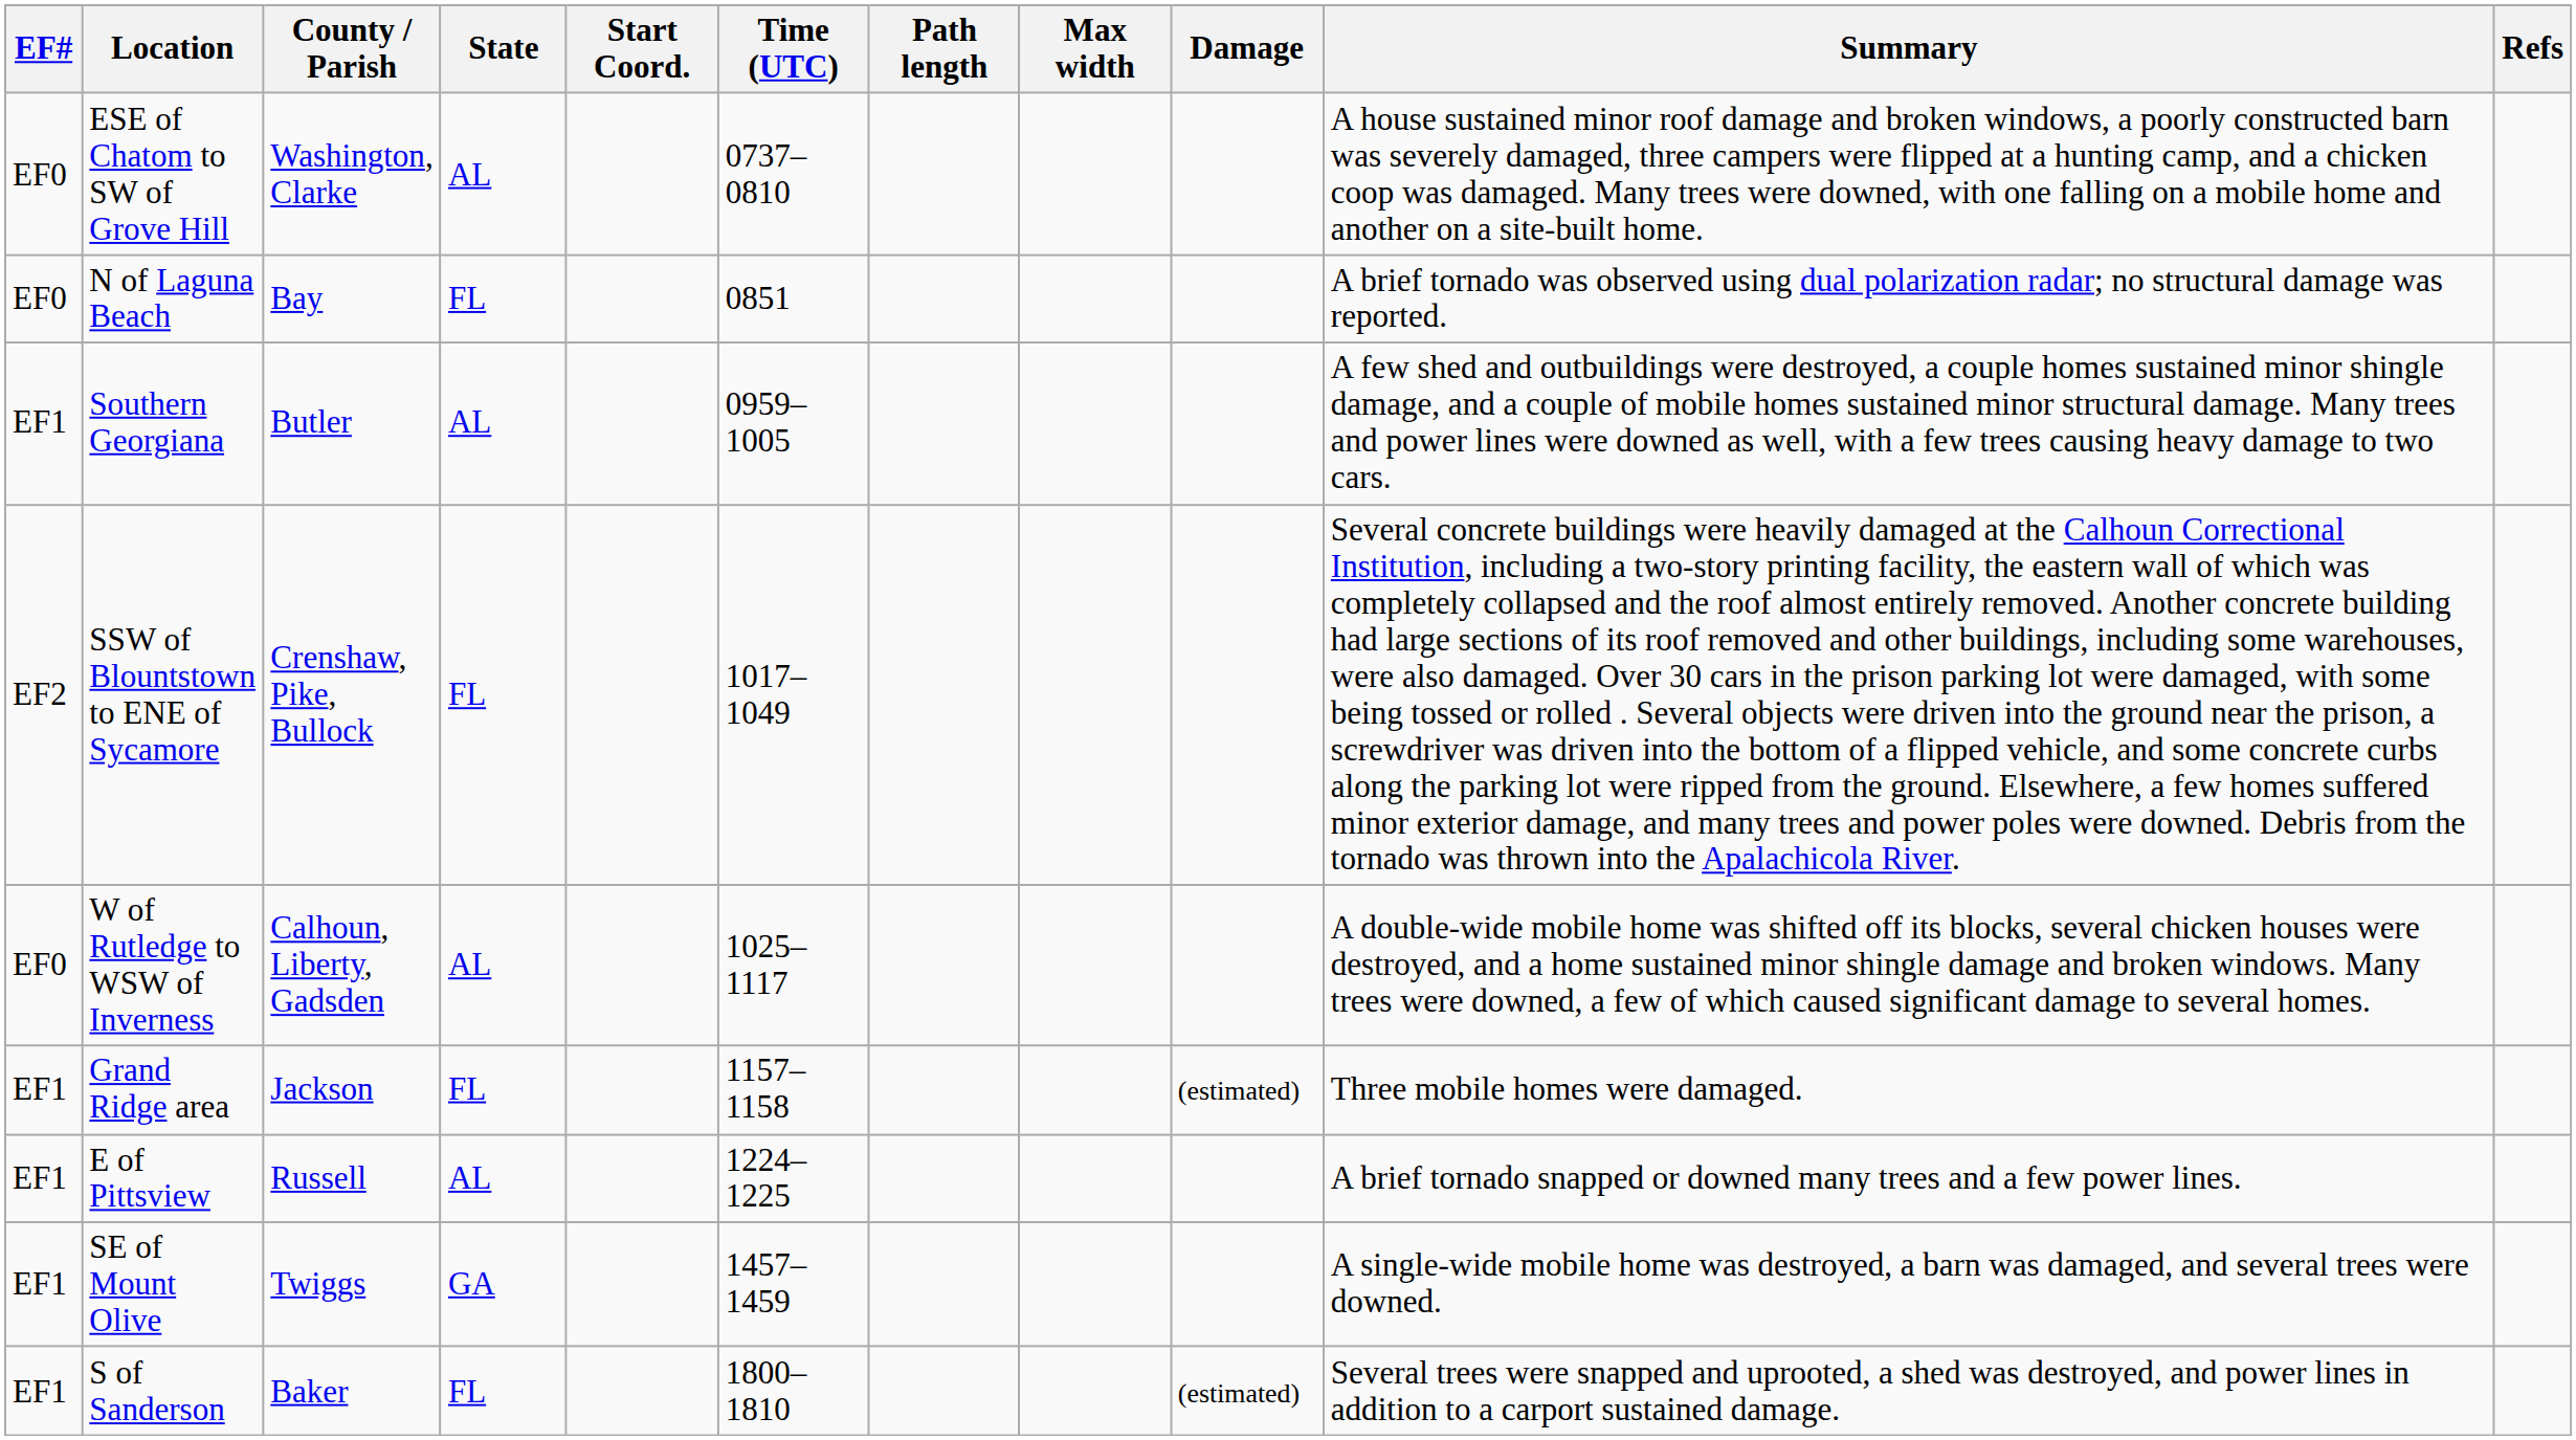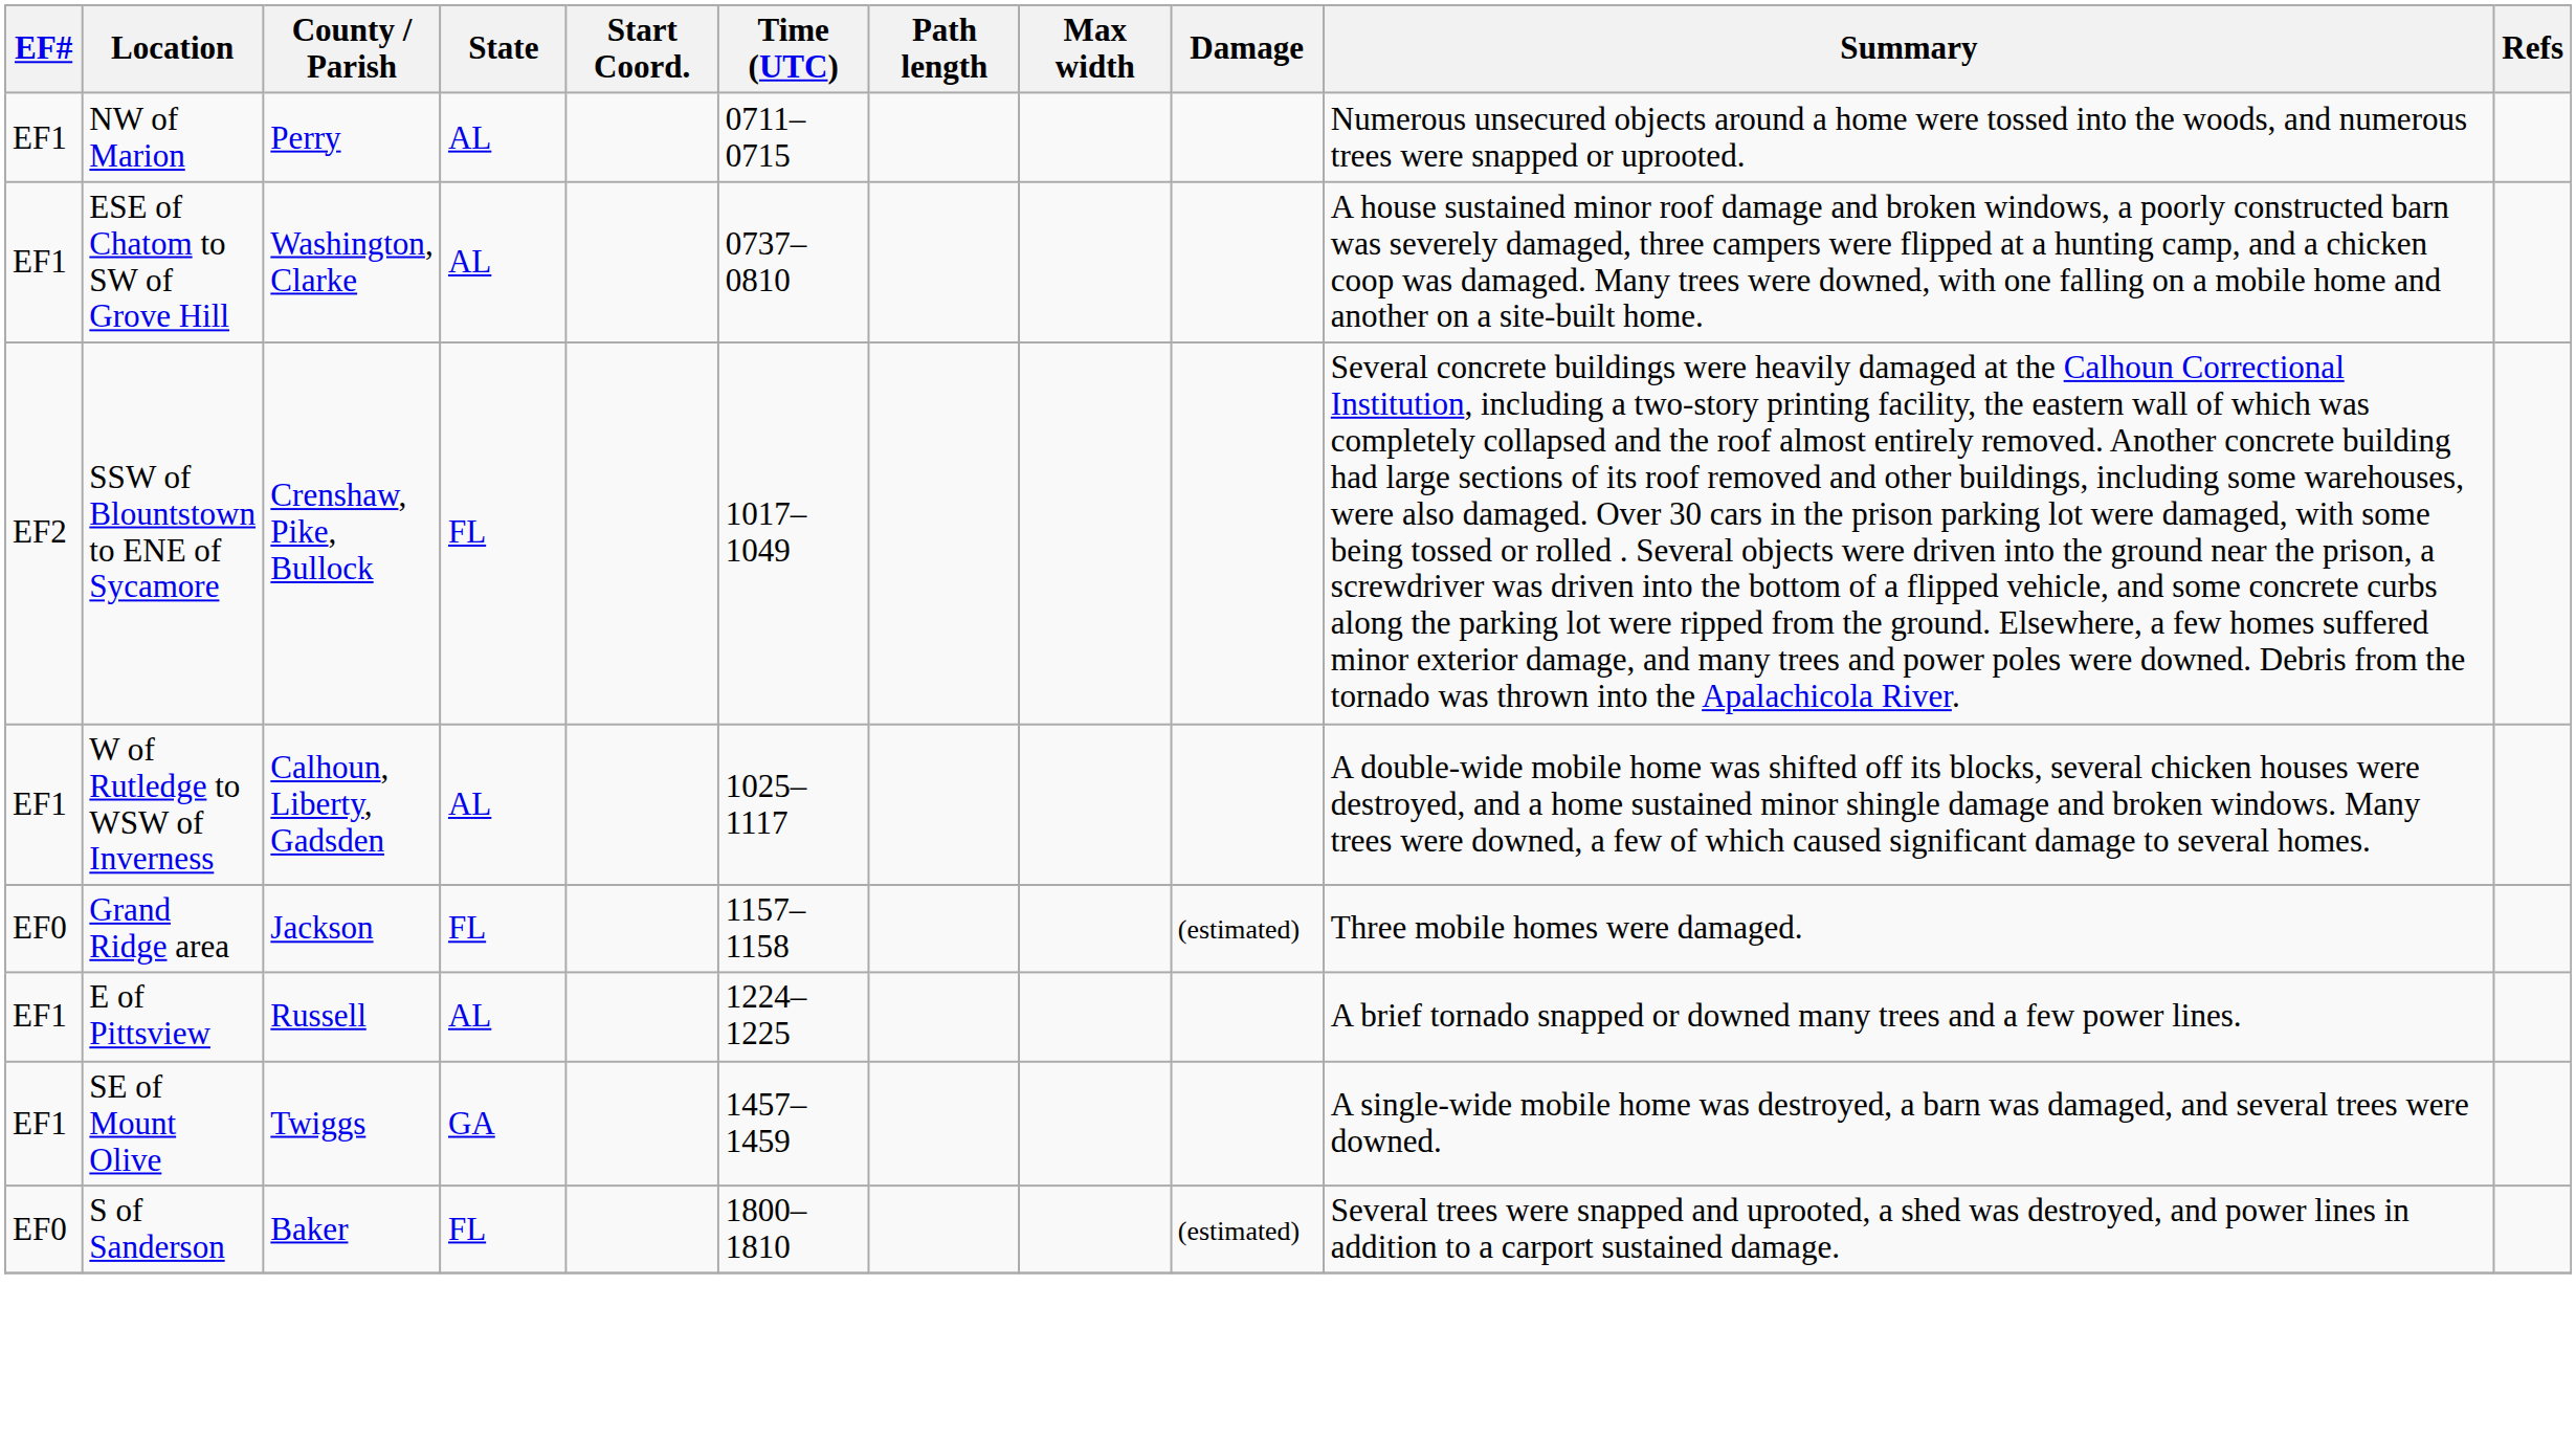 <table class="wikitable sortable" style="width:100%;">
 <tr>
 <th scope="col" width="3%" align="center"><a href='#'>EF#</a></th>
 <th scope="col" width="7%" align="center" class="unsortable">Location</th>
 <th scope="col" width="6%" align="center" class="unsortable">County / Parish</th>
 <th scope="col" width="5%" align="center">State</th>
 <th scope="col" width="6%" align="center">Start Coord.</th>
 <th scope="col" width="6%" align="center">Time (<a href='#'>UTC</a>)</th>
 <th scope="col" width="6%" align="center">Path length</th>
 <th scope="col" width="6%" align="center">Max width</th>
 <th scope="col" width="6%" align="center">Damage</th>
 <th scope="col" width="48%" class="unsortable" align="center">Summary</th>
 <th scope="col" width="48%" class="unsortable" align="center">Refs</th>
 </tr>
 <tr>
-<td>EF0</td>
+<td>EF1</td>
+<td>NW of <a href='#'>Marion</a></td>
+<td><a href='#'>Perry</a></td>
+<td><a href='#'>AL</a></td>
+<td></td>
+<td>0711–0715</td>
+<td></td>
+<td></td>
+<td></td>
+<td>Numerous unsecured objects around a home were tossed into the woods, and numerous trees were snapped or uprooted.</td>
+<td></td>
+</tr>
+<tr>
+<td>EF1</td>
 <td>ESE of <a href='#'>Chatom</a> to SW of <a href='#'>Grove Hill</a></td>
 <td><a href='#'>Washington</a>, <a href='#'>Clarke</a></td>
 <td><a href='#'>AL</a></td>
 <td></td>
 <td>0737–0810</td>
 <td></td>
 <td></td>
 <td></td>
 <td>A house sustained minor roof damage and broken windows, a poorly constructed barn was severely damaged, three campers were flipped at a hunting camp, and a chicken coop was damaged. Many trees were downed, with one falling on a mobile home and another on a site-built home.</td>
-<td></td>
-</tr>
-<tr>
-<td>EF0</td>
-<td>N of <a href='#'>Laguna Beach</a></td>
-<td><a href='#'>Bay</a></td>
-<td><a href='#'>FL</a></td>
-<td></td>
-<td>0851</td>
-<td></td>
-<td></td>
-<td></td>
-<td>A brief tornado was observed using <a href='#'>dual polarization radar</a>; no structural damage was reported.</td>
-<td></td>
-</tr>
-<tr>
-<td>EF1</td>
-<td><a href='#'>Southern Georgiana</a></td>
-<td><a href='#'>Butler</a></td>
-<td><a href='#'>AL</a></td>
-<td></td>
-<td>0959–1005</td>
-<td></td>
-<td></td>
-<td></td>
-<td>A few shed and outbuildings were destroyed, a couple homes sustained minor shingle damage, and a couple of mobile homes sustained minor structural damage. Many trees and power lines were downed as well, with a few trees causing heavy damage to two cars.</td>
 <td></td>
 </tr>
 <tr>
 <td>EF2</td>
 <td>SSW of <a href='#'>Blountstown</a> to ENE of <a href='#'>Sycamore</a></td>
 <td><a href='#'>Crenshaw</a>, <a href='#'>Pike</a>, <a href='#'>Bullock</a></td>
 <td><a href='#'>FL</a></td>
 <td></td>
 <td>1017–1049</td>
 <td></td>
 <td></td>
 <td></td>
 <td>Several concrete buildings were heavily damaged at the <a href='#'>Calhoun Correctional Institution</a>, including a two-story printing facility, the eastern wall of which was completely collapsed and the roof almost entirely removed. Another concrete building had large sections of its roof removed and other buildings, including some warehouses, were also damaged. Over 30 cars in the prison parking lot were damaged, with some being tossed or rolled . Several objects were driven into the ground near the prison, a screwdriver was driven into the bottom of a flipped vehicle, and some concrete curbs along the parking lot were ripped from the ground. Elsewhere, a few homes suffered minor exterior damage, and many trees and power poles were downed. Debris from the tornado was thrown into the <a href='#'>Apalachicola River</a>.</td>
 <td><br></td>
 </tr>
 <tr>
-<td>EF0</td>
+<td>EF1</td>
 <td>W of <a href='#'>Rutledge</a> to WSW of <a href='#'>Inverness</a></td>
 <td><a href='#'>Calhoun</a>, <a href='#'>Liberty</a>, <a href='#'>Gadsden</a></td>
 <td><a href='#'>AL</a></td>
 <td></td>
 <td>1025–1117</td>
 <td></td>
 <td></td>
 <td></td>
 <td>A double-wide mobile home was shifted off its blocks, several chicken houses were destroyed, and a home sustained minor shingle damage and broken windows. Many trees were downed, a few of which caused significant damage to several homes.</td>
 <td><br></td>
 </tr>
 <tr>
-<td>EF1</td>
+<td>EF0</td>
 <td><a href='#'>Grand Ridge</a> area</td>
 <td><a href='#'>Jackson</a></td>
 <td><a href='#'>FL</a></td>
 <td></td>
 <td>1157–1158</td>
 <td></td>
 <td></td>
 <td> <small>(estimated)</small></td>
 <td>Three mobile homes were damaged.</td>
 <td></td>
 </tr>
 <tr>
 <td>EF1</td>
 <td>E of <a href='#'>Pittsview</a></td>
 <td><a href='#'>Russell</a></td>
 <td><a href='#'>AL</a></td>
 <td></td>
 <td>1224–1225</td>
 <td></td>
 <td></td>
 <td></td>
 <td>A brief tornado snapped or downed many trees and a few power lines.</td>
 <td></td>
 </tr>
 <tr>
 <td>EF1</td>
 <td>SE of <a href='#'>Mount Olive</a></td>
 <td><a href='#'>Twiggs</a></td>
 <td><a href='#'>GA</a></td>
 <td></td>
 <td>1457–1459</td>
 <td></td>
 <td></td>
 <td></td>
 <td>A single-wide mobile home was destroyed, a barn was damaged, and several trees were downed.</td>
 <td></td>
 </tr>
 <tr>
-<td>EF1</td>
+<td>EF0</td>
 <td>S of <a href='#'>Sanderson</a></td>
 <td><a href='#'>Baker</a></td>
 <td><a href='#'>FL</a></td>
 <td></td>
 <td>1800–1810</td>
 <td></td>
 <td></td>
 <td> <small>(estimated)</small></td>
 <td>Several trees were snapped and uprooted, a shed was destroyed, and power lines in addition to a carport sustained damage.</td>
 <td></td>
 </tr>
 <tr>
 </tr>
 </table>
